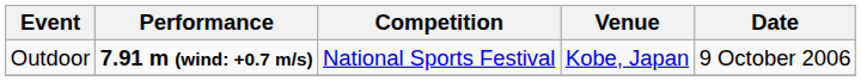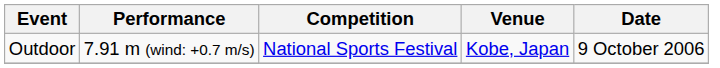 <table class="wikitable" style=text-align:center>
 <tr>
 <th>Event</th>
 <th>Performance</th>
 <th>Competition</th>
 <th>Venue</th>
 <th>Date</th>
 </tr>
 <tr>
 <td>Outdoor</td>
-<td><strong>7.91 m <small>(wind: +0.7 m/s)</small></strong></td>
+<td>7.91 m <small>(wind: +0.7 m/s)</small></td>
 <td><a href='#'>National Sports Festival</a></td>
 <td><a href='#'>Kobe, Japan</a></td>
 <td>9 October 2006</td>
 </tr>
 <tr>
 </tr>
 </table>
